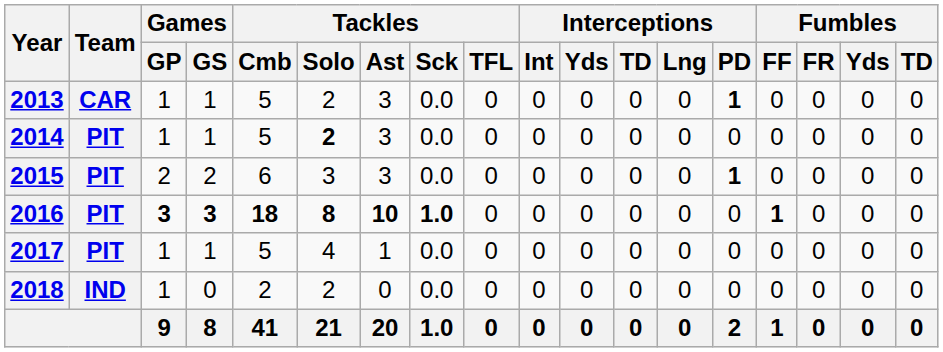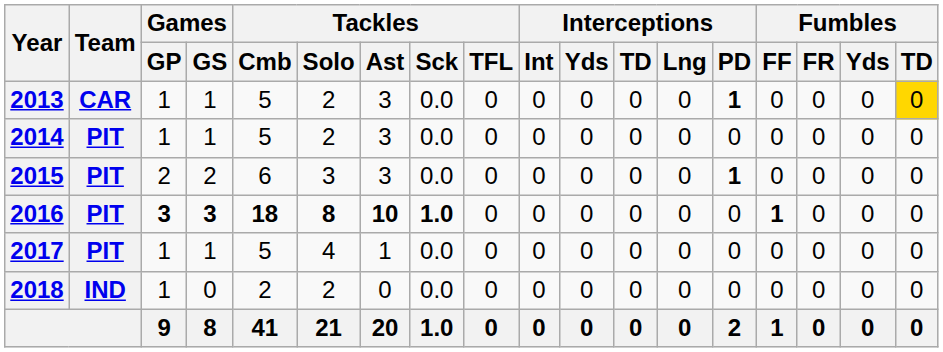 <table class="wikitable" style="text-align:center">
 <tr>
 <th rowspan="2">Year</th>
 <th rowspan="2">Team</th>
 <th colspan="2">Games</th>
 <th colspan="5">Tackles</th>
 <th colspan="5">Interceptions</th>
 <th colspan="4">Fumbles</th>
 </tr>
 <tr>
 <th>GP</th>
 <th>GS</th>
 <th>Cmb</th>
 <th>Solo</th>
 <th>Ast</th>
 <th>Sck</th>
 <th>TFL</th>
 <th>Int</th>
 <th>Yds</th>
 <th>TD</th>
 <th>Lng</th>
 <th>PD</th>
 <th>FF</th>
 <th>FR</th>
 <th>Yds</th>
 <th>TD</th>
 </tr>
 <tr>
 <th><a href='#'>2013</a></th>
 <th><a href='#'>CAR</a></th>
 <td>1</td>
 <td>1</td>
 <td>5</td>
 <td>2</td>
 <td>3</td>
 <td>0.0</td>
 <td>0</td>
 <td>0</td>
 <td>0</td>
 <td>0</td>
 <td>0</td>
 <td><strong>1</strong></td>
 <td>0</td>
 <td>0</td>
 <td>0</td>
-<td>0</td>
+<td style="background: gold;">0</td>
 </tr>
 <tr>
 <th><a href='#'>2014</a></th>
 <th><a href='#'>PIT</a></th>
 <td>1</td>
 <td>1</td>
 <td>5</td>
-<td><strong>2</strong></td>
+<td>2</td>
 <td>3</td>
 <td>0.0</td>
 <td>0</td>
 <td>0</td>
 <td>0</td>
 <td>0</td>
 <td>0</td>
 <td>0</td>
 <td>0</td>
 <td>0</td>
 <td>0</td>
 <td>0</td>
 </tr>
 <tr>
 <th><a href='#'>2015</a></th>
 <th><a href='#'>PIT</a></th>
 <td>2</td>
 <td>2</td>
 <td>6</td>
 <td>3</td>
 <td>3</td>
 <td>0.0</td>
 <td>0</td>
 <td>0</td>
 <td>0</td>
 <td>0</td>
 <td>0</td>
 <td><strong>1</strong></td>
 <td>0</td>
 <td>0</td>
 <td>0</td>
 <td>0</td>
 </tr>
 <tr>
 <th><a href='#'>2016</a></th>
 <th><a href='#'>PIT</a></th>
 <td><strong>3</strong></td>
 <td><strong>3</strong></td>
 <td><strong>18</strong></td>
 <td><strong>8</strong></td>
 <td><strong>10</strong></td>
 <td><strong>1.0</strong></td>
 <td>0</td>
 <td>0</td>
 <td>0</td>
 <td>0</td>
 <td>0</td>
 <td>0</td>
 <td><strong>1</strong></td>
 <td>0</td>
 <td>0</td>
 <td>0</td>
 </tr>
 <tr>
 <th><a href='#'>2017</a></th>
 <th><a href='#'>PIT</a></th>
 <td>1</td>
 <td>1</td>
 <td>5</td>
 <td>4</td>
 <td>1</td>
 <td>0.0</td>
 <td>0</td>
 <td>0</td>
 <td>0</td>
 <td>0</td>
 <td>0</td>
 <td>0</td>
 <td>0</td>
 <td>0</td>
 <td>0</td>
 <td>0</td>
 </tr>
 <tr>
 <th><a href='#'>2018</a></th>
 <th><a href='#'>IND</a></th>
 <td>1</td>
 <td>0</td>
 <td>2</td>
 <td>2</td>
 <td>0</td>
 <td>0.0</td>
 <td>0</td>
 <td>0</td>
 <td>0</td>
 <td>0</td>
 <td>0</td>
 <td>0</td>
 <td>0</td>
 <td>0</td>
 <td>0</td>
 <td>0</td>
 </tr>
 <tr>
 <th colspan="2"></th>
 <th>9</th>
 <th>8</th>
 <th>41</th>
 <th>21</th>
 <th>20</th>
 <th>1.0</th>
 <th>0</th>
 <th>0</th>
 <th>0</th>
 <th>0</th>
 <th>0</th>
 <th>2</th>
 <th>1</th>
 <th>0</th>
 <th>0</th>
 <th>0</th>
 </tr>
 </table>
